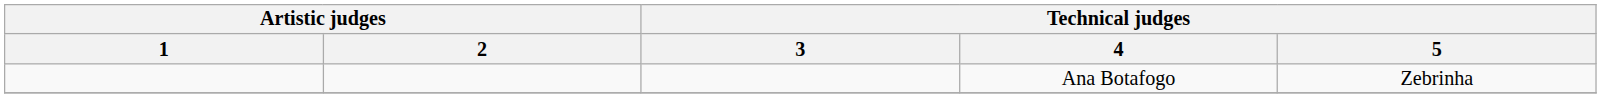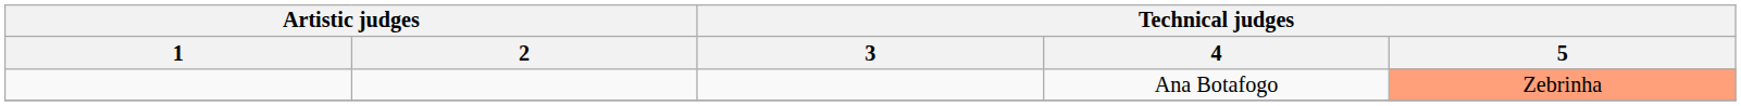 <table class="wikitable" style="font-size:100%; line-height:16px; text-align:center" width="100%">
 <tr>
 <th colspan=2>Artistic judges</th>
 <th colspan=3>Technical judges</th>
 </tr>
 <tr>
 <th width="20%">1</th>
 <th width="20%">2</th>
 <th width="20%">3</th>
 <th width="20%">4</th>
 <th width="20%">5</th>
 </tr>
 <tr>
 <td></td>
 <td></td>
 <td></td>
 <td>Ana Botafogo</td>
-<td>Zebrinha</td>
+<td style="background: lightsalmon;">Zebrinha</td>
 </tr>
 <tr>
 </tr>
 </table>
